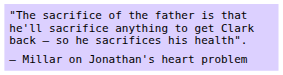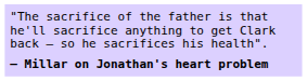 <table class="toccolours" style="float: right; margin-left: 1em; margin-right: 2em; font-size: 95%; background:#DCD0FF; color:black; width:25em; max-width: 40%;" cellspacing="5">
 <tr>
 <td style="text-align: left;">"The sacrifice of the father is that he'll sacrifice anything to get Clark back – so he sacrifices his health".</td>
 </tr>
 <tr>
-<td style="text-align: left;">— Millar on Jonathan's heart problem</td>
+<td style="text-align: left;"><strong>— Millar on Jonathan's heart problem</strong></td>
 </tr>
 </table>
